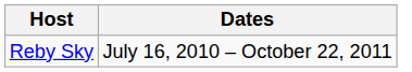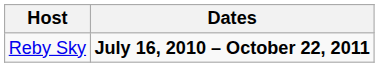 <table class="wikitable">
 <tr>
 <th>Host</th>
 <th>Dates</th>
 </tr>
 <tr>
 <td><a href='#'>Reby Sky</a></td>
-<td>July 16, 2010 – October 22, 2011</td>
+<td><strong>July 16, 2010 – October 22, 2011</strong></td>
 </tr>
 </table>
